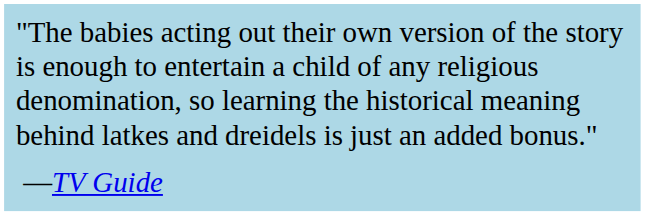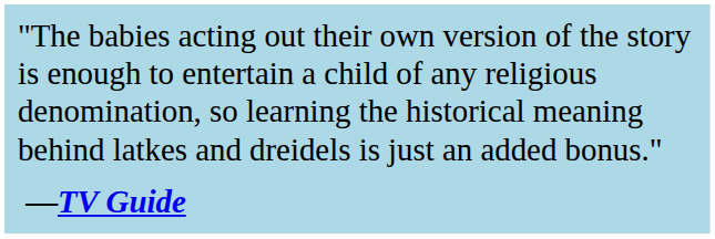 <table class="toccolours" style="float: right; margin-left: 1em; margin-right: 2em; font-size: 95%; background:#ADD8E6; color:black; width:22em; max-width: 40%;" cellspacing="5">
 <tr>
 <td style="text-align: left;">"The babies acting out their own version of the story is enough to entertain a child of any religious denomination, so learning the historical meaning behind latkes and dreidels is just an added bonus."</td>
 </tr>
 <tr>
-<td style="text-align: left;"> —<em><a href='#'>TV Guide</a></em></td>
+<td style="text-align: left;"><strong> —<em><a href='#'>TV Guide</a></em></strong></td>
 </tr>
 </table>
